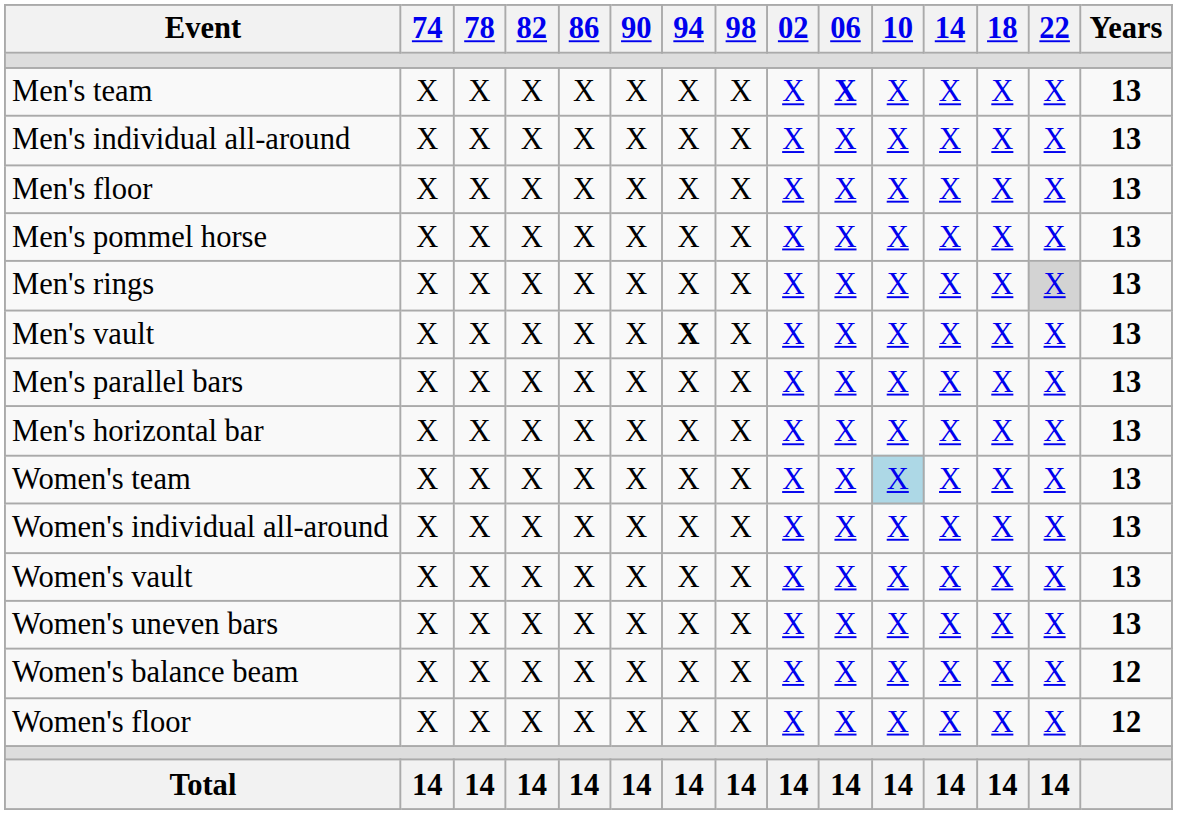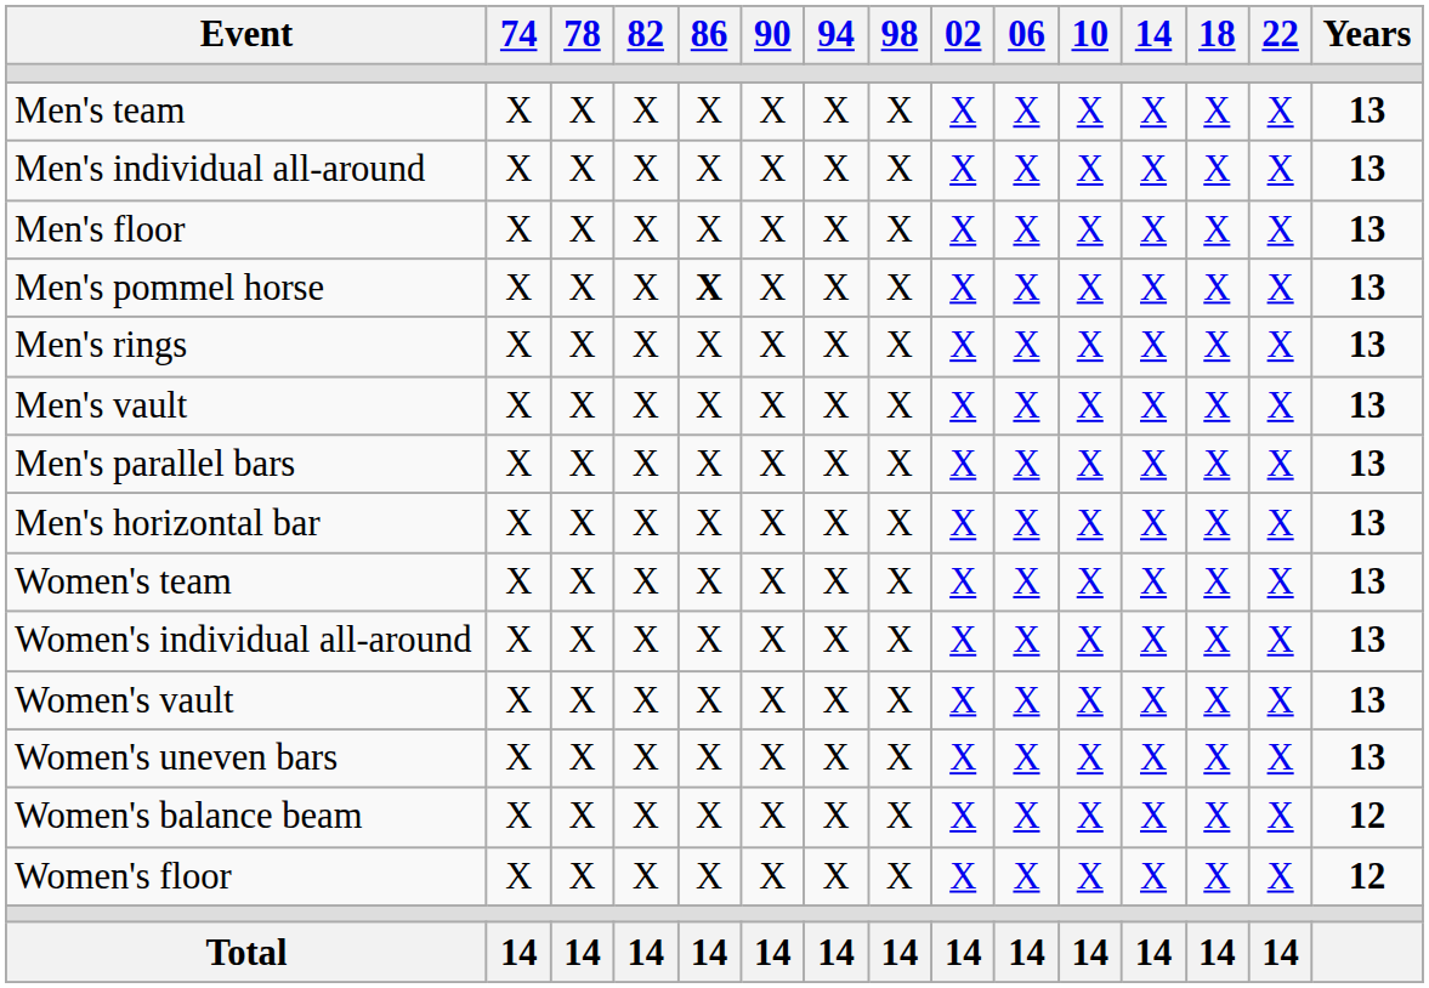 <table class=wikitable style="text-align:center">
 <tr>
 <th width="200">Event</th>
 <th width=20><a href='#'>74</a></th>
 <th width=20><a href='#'>78</a></th>
 <th width=20><a href='#'>82</a></th>
 <th width=20><a href='#'>86</a></th>
 <th width=20><a href='#'>90</a></th>
 <th width=20><a href='#'>94</a></th>
 <th width=20><a href='#'>98</a></th>
 <th width=20><a href='#'>02</a></th>
 <th width=20><a href='#'>06</a></th>
 <th width=20><a href='#'>10</a></th>
 <th width=20><a href='#'>14</a></th>
 <th width=20><a href='#'>18</a></th>
 <th width=20><a href='#'>22</a></th>
 <th width="40">Years</th>
 </tr>
 <tr bgcolor=#DDDDDD>
 <td colspan="15"></td>
 </tr>
 <tr>
 <td align=left>Men's team</td>
 <td>X</td>
 <td>X</td>
 <td>X</td>
 <td>X</td>
 <td>X</td>
 <td>X</td>
 <td>X</td>
 <td><a href='#'>X</a></td>
-<td><strong><a href='#'>X</a></strong></td>
+<td><a href='#'>X</a></td>
 <td><a href='#'>X</a></td>
 <td><a href='#'>X</a></td>
 <td><a href='#'>X</a></td>
 <td><a href='#'>X</a></td>
 <td><strong>13</strong></td>
 </tr>
 <tr>
 <td align=left>Men's individual all-around</td>
 <td>X</td>
 <td>X</td>
 <td>X</td>
 <td>X</td>
 <td>X</td>
 <td>X</td>
 <td>X</td>
 <td><a href='#'>X</a></td>
 <td><a href='#'>X</a></td>
 <td><a href='#'>X</a></td>
 <td><a href='#'>X</a></td>
 <td><a href='#'>X</a></td>
 <td><a href='#'>X</a></td>
 <td><strong>13</strong></td>
 </tr>
 <tr>
 <td align=left>Men's floor</td>
 <td>X</td>
 <td>X</td>
 <td>X</td>
 <td>X</td>
 <td>X</td>
 <td>X</td>
 <td>X</td>
 <td><a href='#'>X</a></td>
 <td><a href='#'>X</a></td>
 <td><a href='#'>X</a></td>
 <td><a href='#'>X</a></td>
 <td><a href='#'>X</a></td>
 <td><a href='#'>X</a></td>
 <td><strong>13</strong></td>
 </tr>
 <tr>
 <td align=left>Men's pommel horse</td>
 <td>X</td>
 <td>X</td>
 <td>X</td>
-<td>X</td>
+<td><strong>X</strong></td>
 <td>X</td>
 <td>X</td>
 <td>X</td>
 <td><a href='#'>X</a></td>
 <td><a href='#'>X</a></td>
 <td><a href='#'>X</a></td>
 <td><a href='#'>X</a></td>
 <td><a href='#'>X</a></td>
 <td><a href='#'>X</a></td>
 <td><strong>13</strong></td>
 </tr>
 <tr>
 <td align=left>Men's rings</td>
 <td>X</td>
 <td>X</td>
 <td>X</td>
 <td>X</td>
 <td>X</td>
 <td>X</td>
 <td>X</td>
 <td><a href='#'>X</a></td>
 <td><a href='#'>X</a></td>
 <td><a href='#'>X</a></td>
 <td><a href='#'>X</a></td>
 <td><a href='#'>X</a></td>
-<td style="background: lightgrey;"><a href='#'>X</a></td>
+<td><a href='#'>X</a></td>
 <td><strong>13</strong></td>
 </tr>
 <tr>
 <td align=left>Men's vault</td>
 <td>X</td>
 <td>X</td>
 <td>X</td>
 <td>X</td>
 <td>X</td>
-<td><strong>X</strong></td>
+<td>X</td>
 <td>X</td>
 <td><a href='#'>X</a></td>
 <td><a href='#'>X</a></td>
 <td><a href='#'>X</a></td>
 <td><a href='#'>X</a></td>
 <td><a href='#'>X</a></td>
 <td><a href='#'>X</a></td>
 <td><strong>13</strong></td>
 </tr>
 <tr>
 <td align=left>Men's parallel bars</td>
 <td>X</td>
 <td>X</td>
 <td>X</td>
 <td>X</td>
 <td>X</td>
 <td>X</td>
 <td>X</td>
 <td><a href='#'>X</a></td>
 <td><a href='#'>X</a></td>
 <td><a href='#'>X</a></td>
 <td><a href='#'>X</a></td>
 <td><a href='#'>X</a></td>
 <td><a href='#'>X</a></td>
 <td><strong>13</strong></td>
 </tr>
 <tr>
 <td align=left>Men's horizontal bar</td>
 <td>X</td>
 <td>X</td>
 <td>X</td>
 <td>X</td>
 <td>X</td>
 <td>X</td>
 <td>X</td>
 <td><a href='#'>X</a></td>
 <td><a href='#'>X</a></td>
 <td><a href='#'>X</a></td>
 <td><a href='#'>X</a></td>
 <td><a href='#'>X</a></td>
 <td><a href='#'>X</a></td>
 <td><strong>13</strong></td>
 </tr>
 <tr>
 <td align=left>Women's team</td>
 <td>X</td>
 <td>X</td>
 <td>X</td>
 <td>X</td>
 <td>X</td>
 <td>X</td>
 <td>X</td>
 <td><a href='#'>X</a></td>
 <td><a href='#'>X</a></td>
-<td style="background: lightblue;"><a href='#'>X</a></td>
+<td><a href='#'>X</a></td>
 <td><a href='#'>X</a></td>
 <td><a href='#'>X</a></td>
 <td><a href='#'>X</a></td>
 <td><strong>13</strong></td>
 </tr>
 <tr>
 <td align=left>Women's individual all-around</td>
 <td>X</td>
 <td>X</td>
 <td>X</td>
 <td>X</td>
 <td>X</td>
 <td>X</td>
 <td>X</td>
 <td><a href='#'>X</a></td>
 <td><a href='#'>X</a></td>
 <td><a href='#'>X</a></td>
 <td><a href='#'>X</a></td>
 <td><a href='#'>X</a></td>
 <td><a href='#'>X</a></td>
 <td><strong>13</strong></td>
 </tr>
 <tr>
 <td align=left>Women's vault</td>
 <td>X</td>
 <td>X</td>
 <td>X</td>
 <td>X</td>
 <td>X</td>
 <td>X</td>
 <td>X</td>
 <td><a href='#'>X</a></td>
 <td><a href='#'>X</a></td>
 <td><a href='#'>X</a></td>
 <td><a href='#'>X</a></td>
 <td><a href='#'>X</a></td>
 <td><a href='#'>X</a></td>
 <td><strong>13</strong></td>
 </tr>
 <tr>
 <td align=left>Women's uneven bars</td>
 <td>X</td>
 <td>X</td>
 <td>X</td>
 <td>X</td>
 <td>X</td>
 <td>X</td>
 <td>X</td>
 <td><a href='#'>X</a></td>
 <td><a href='#'>X</a></td>
 <td><a href='#'>X</a></td>
 <td><a href='#'>X</a></td>
 <td><a href='#'>X</a></td>
 <td><a href='#'>X</a></td>
 <td><strong>13</strong></td>
 </tr>
 <tr>
 <td align=left>Women's balance beam</td>
 <td>X</td>
 <td>X</td>
 <td>X</td>
 <td>X</td>
 <td>X</td>
 <td>X</td>
 <td>X</td>
 <td><a href='#'>X</a></td>
 <td><a href='#'>X</a></td>
 <td><a href='#'>X</a></td>
 <td><a href='#'>X</a></td>
 <td><a href='#'>X</a></td>
 <td><a href='#'>X</a></td>
 <td><strong>12</strong></td>
 </tr>
 <tr>
 <td align=left>Women's floor</td>
 <td>X</td>
 <td>X</td>
 <td>X</td>
 <td>X</td>
 <td>X</td>
 <td>X</td>
 <td>X</td>
 <td><a href='#'>X</a></td>
 <td><a href='#'>X</a></td>
 <td><a href='#'>X</a></td>
 <td><a href='#'>X</a></td>
 <td><a href='#'>X</a></td>
 <td><a href='#'>X</a></td>
 <td><strong>12</strong></td>
 </tr>
 <tr bgcolor=#DDDDDD>
 <td colspan="15"></td>
 </tr>
 <tr>
 <th>Total</th>
 <th>14</th>
 <th>14</th>
 <th>14</th>
 <th>14</th>
 <th>14</th>
 <th>14</th>
 <th>14</th>
 <th>14</th>
 <th>14</th>
 <th>14</th>
 <th>14</th>
 <th>14</th>
 <th>14</th>
 <th></th>
 </tr>
 </table>
